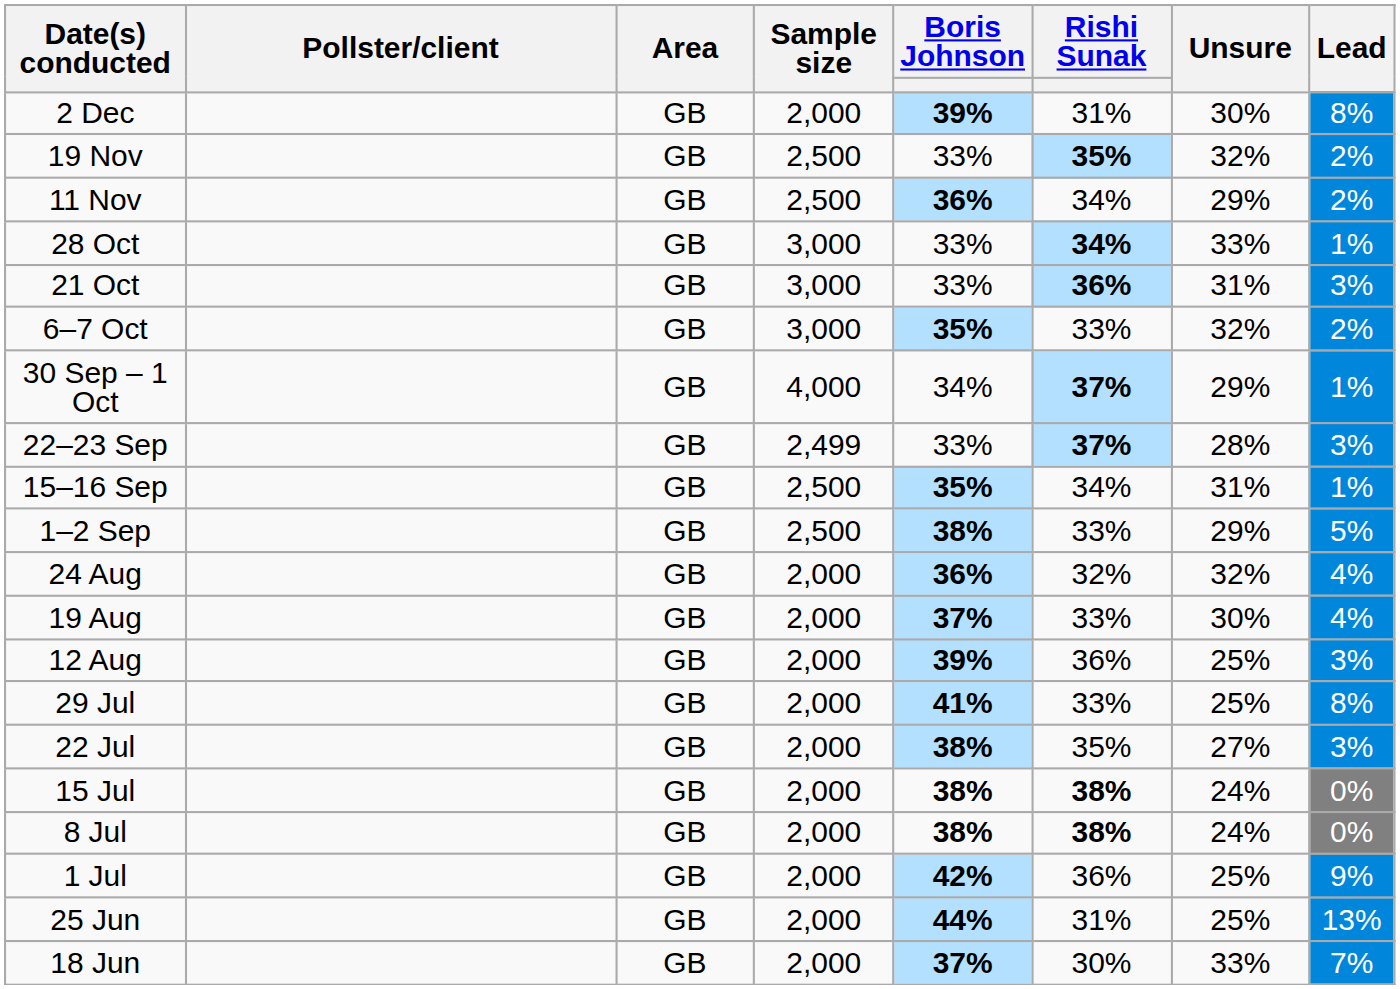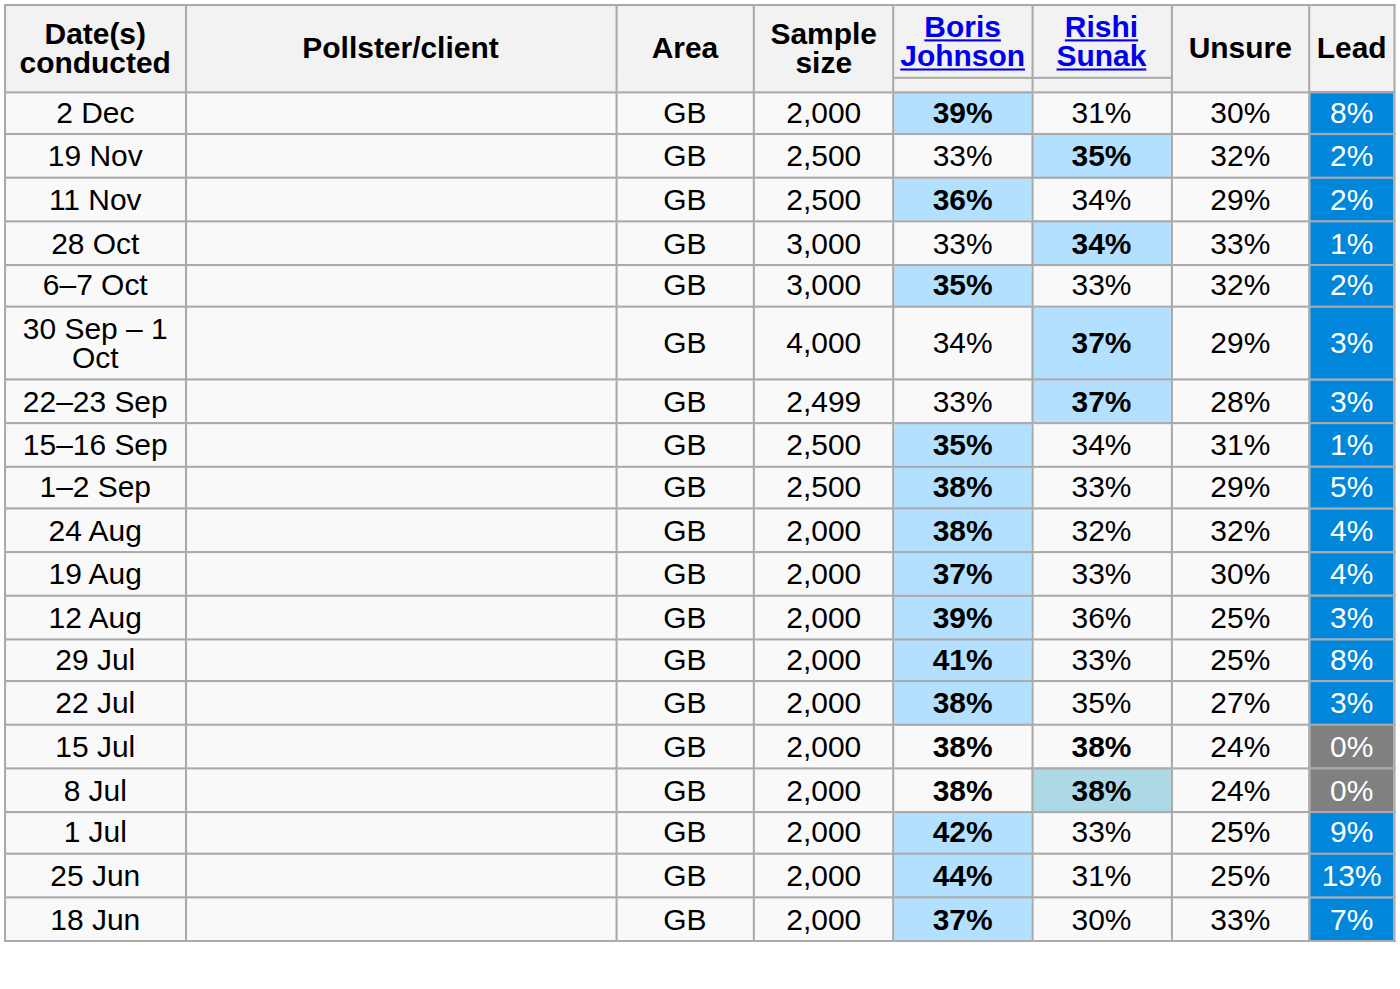 <table class="wikitable collapsible sortable mw-datatable" style="text-align:center;font-size:90%;line-height:14px">
 <tr>
 <th style="width:80px;" rowspan="2" class="unsortable">Date(s)<br>conducted</th>
 <th style="width:200px;" rowspan="2">Pollster/client</th>
 <th style="width:60px;" rowspan="2">Area</th>
 <th style="width:60px;" rowspan="2">Sample size</th>
 <th style="width:60px;" class="unsortable"><a href='#'>Boris Johnson</a></th>
 <th style="width:60px;" class="unsortable"><a href='#'>Rishi Sunak</a></th>
 <th style="width:60px;" rowspan="2" class="unsortable">Unsure</th>
 <th class="unsortable" style="width:20px;" rowspan="2">Lead</th>
 </tr>
 <tr>
 <th class="unsortable" style="color:inherit;background:"></th>
 <th class="unsortable" style="color:inherit;background:"></th>
 </tr>
 <tr>
 <td>2 Dec</td>
 <td></td>
 <td>GB</td>
 <td>2,000</td>
 <td style="background:#B3E0FF"><strong>39%</strong></td>
 <td>31%</td>
 <td>30%</td>
 <td style="background:#0087DC; color:white;">8%</td>
 </tr>
 <tr>
 <td>19 Nov</td>
 <td></td>
 <td>GB</td>
 <td>2,500</td>
 <td>33%</td>
 <td style="background:#B3E0FF"><strong>35%</strong></td>
 <td>32%</td>
 <td style="background:#0087DC; color:white;">2%</td>
 </tr>
 <tr>
 <td>11 Nov</td>
 <td></td>
 <td>GB</td>
 <td>2,500</td>
 <td style="background:#B3E0FF"><strong>36%</strong></td>
 <td>34%</td>
 <td>29%</td>
 <td style="background:#0087DC; color:white;">2%</td>
 </tr>
 <tr>
 <td>28 Oct</td>
 <td></td>
 <td>GB</td>
 <td>3,000</td>
 <td>33%</td>
 <td style="background:#B3E0FF"><strong>34%</strong></td>
 <td>33%</td>
 <td style="background:#0087DC; color:white;">1%</td>
 </tr>
 <tr>
-<td>21 Oct</td>
-<td></td>
-<td>GB</td>
-<td>3,000</td>
-<td>33%</td>
-<td style="background:#B3E0FF"><strong>36%</strong></td>
-<td>31%</td>
-<td style="background:#0087DC; color:white;">3%</td>
-</tr>
-<tr>
 <td>6–7 Oct</td>
 <td></td>
 <td>GB</td>
 <td>3,000</td>
 <td style="background:#B3E0FF"><strong>35%</strong></td>
 <td>33%</td>
 <td>32%</td>
 <td style="background:#0087DC; color:white;">2%</td>
 </tr>
 <tr>
 <td>30 Sep – 1 Oct</td>
 <td></td>
 <td>GB</td>
 <td>4,000</td>
 <td>34%</td>
 <td style="background:#B3E0FF"><strong>37%</strong></td>
 <td>29%</td>
-<td style="background:#0087DC; color:white;">1%</td>
+<td style="background:#0087DC; color:white;">3%</td>
 </tr>
 <tr>
 <td>22–23 Sep</td>
 <td></td>
 <td>GB</td>
 <td>2,499</td>
 <td>33%</td>
 <td style="background:#B3E0FF"><strong>37%</strong></td>
 <td>28%</td>
 <td style="background:#0087DC; color:white;">3%</td>
 </tr>
 <tr>
 <td>15–16 Sep</td>
 <td></td>
 <td>GB</td>
 <td>2,500</td>
 <td style="background:#B3E0FF"><strong>35%</strong></td>
 <td>34%</td>
 <td>31%</td>
 <td style="background:#0087DC; color:white;">1%</td>
 </tr>
 <tr>
 <td>1–2 Sep</td>
 <td></td>
 <td>GB</td>
 <td>2,500</td>
 <td style="background:#B3E0FF"><strong>38%</strong></td>
 <td>33%</td>
 <td>29%</td>
 <td style="background:#0087DC; color:white;">5%</td>
 </tr>
 <tr>
 <td>24 Aug</td>
 <td></td>
 <td>GB</td>
 <td>2,000</td>
-<td style="background:#B3E0FF"><strong>36%</strong></td>
+<td style="background:#B3E0FF"><strong>38%</strong></td>
 <td>32%</td>
 <td>32%</td>
 <td style="background:#0087DC; color:white;">4%</td>
 </tr>
 <tr>
 <td>19 Aug</td>
 <td></td>
 <td>GB</td>
 <td>2,000</td>
 <td style="background:#B3E0FF"><strong>37%</strong></td>
 <td>33%</td>
 <td>30%</td>
 <td style="background:#0087DC; color:white;">4%</td>
 </tr>
 <tr>
 <td>12 Aug</td>
 <td></td>
 <td>GB</td>
 <td>2,000</td>
 <td style="background:#B3E0FF"><strong>39%</strong></td>
 <td>36%</td>
 <td>25%</td>
 <td style="background:#0087DC; color:white;">3%</td>
 </tr>
 <tr>
 <td>29 Jul</td>
 <td></td>
 <td>GB</td>
 <td>2,000</td>
 <td style="background:#B3E0FF"><strong>41%</strong></td>
 <td>33%</td>
 <td>25%</td>
 <td style="background:#0087DC; color:white;">8%</td>
 </tr>
 <tr>
 <td>22 Jul</td>
 <td></td>
 <td>GB</td>
 <td>2,000</td>
 <td style="background:#B3E0FF"><strong>38%</strong></td>
 <td>35%</td>
 <td>27%</td>
 <td style="background:#0087DC; color:white;">3%</td>
 </tr>
 <tr>
 <td>15 Jul</td>
 <td></td>
 <td>GB</td>
 <td>2,000</td>
 <td><strong>38%</strong></td>
 <td><strong>38%</strong></td>
 <td>24%</td>
 <td style="background:grey;color:white;">0%</td>
 </tr>
 <tr>
 <td>8 Jul</td>
 <td></td>
 <td>GB</td>
 <td>2,000</td>
 <td><strong>38%</strong></td>
-<td><strong>38%</strong></td>
+<td style="background: lightblue;"><strong>38%</strong></td>
 <td>24%</td>
 <td style="background:grey;color:white;">0%</td>
 </tr>
 <tr>
 <td>1 Jul</td>
 <td></td>
 <td>GB</td>
 <td>2,000</td>
 <td style="background:#B3E0FF"><strong>42%</strong></td>
-<td>36%</td>
+<td>33%</td>
 <td>25%</td>
 <td style="background:#0087DC; color:white;">9%</td>
 </tr>
 <tr>
 <td>25 Jun</td>
 <td></td>
 <td>GB</td>
 <td>2,000</td>
 <td style="background:#B3E0FF"><strong>44%</strong></td>
 <td>31%</td>
 <td>25%</td>
 <td style="background:#0087DC; color:white;">13%</td>
 </tr>
 <tr>
 <td>18 Jun</td>
 <td></td>
 <td>GB</td>
 <td>2,000</td>
 <td style="background:#B3E0FF"><strong>37%</strong></td>
 <td>30%</td>
 <td>33%</td>
 <td style="background:#0087DC; color:white;">7%</td>
 </tr>
 </table>
